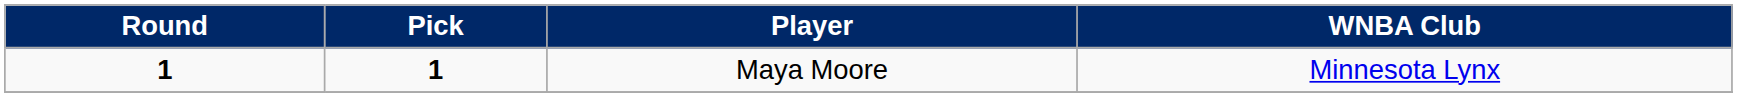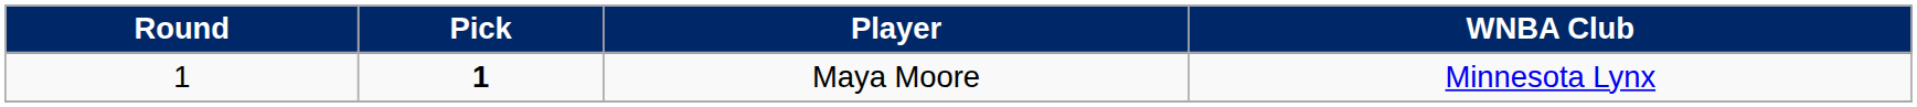 <table class="wikitable" width="80%">
 <tr align="center"  style="background:#002868;color:#FFFFFF;">
 <td><strong>Round</strong></td>
 <td><strong>Pick</strong></td>
 <td><strong>Player</strong></td>
 <td><strong>WNBA Club</strong></td>
 </tr>
 <tr align="center" bgcolor="">
-<td><strong>1</strong></td>
+<td>1</td>
 <td><strong>1</strong></td>
 <td>Maya Moore</td>
 <td><a href='#'>Minnesota Lynx</a></td>
 </tr>
 <tr align="center" bgcolor="">
 </tr>
 </table>
